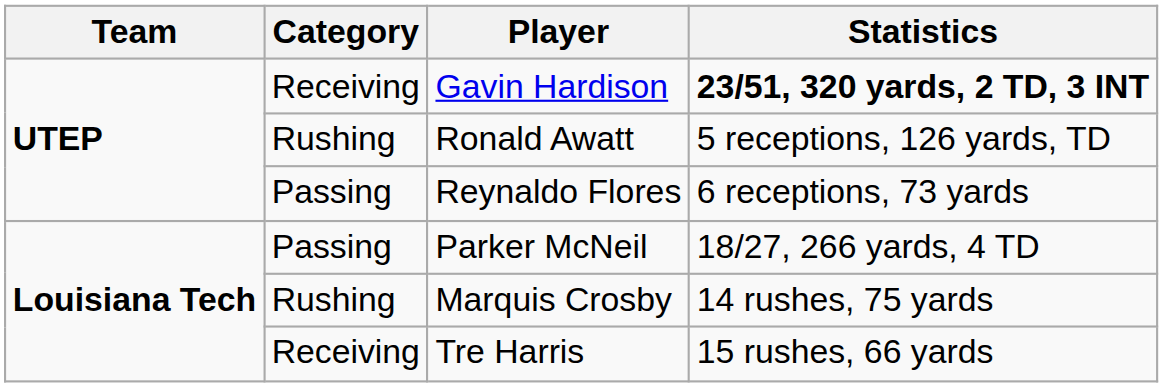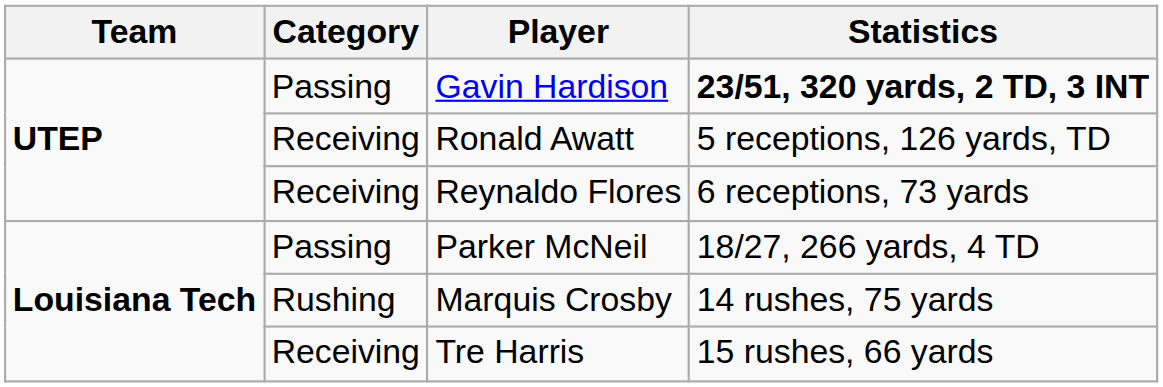 <table class="wikitable" style="float: left;">
 <tr>
 <th>Team</th>
 <th>Category</th>
 <th>Player</th>
 <th>Statistics</th>
 </tr>
 <tr>
 <td rowspan=3><strong>UTEP</strong></td>
-<td>Receiving</td>
+<td>Passing</td>
 <td><a href='#'>Gavin Hardison</a></td>
 <td><strong>23/51, 320 yards, 2 TD, 3 INT</strong></td>
 </tr>
 <tr>
-<td>Rushing</td>
+<td>Receiving</td>
 <td>Ronald Awatt</td>
 <td>5 receptions, 126 yards, TD</td>
 </tr>
 <tr>
-<td>Passing</td>
+<td>Receiving</td>
 <td>Reynaldo Flores</td>
 <td>6 receptions, 73 yards</td>
 </tr>
 <tr>
 <td rowspan=3><strong>Louisiana Tech</strong></td>
 <td>Passing</td>
 <td>Parker McNeil</td>
 <td>18/27, 266 yards, 4 TD</td>
 </tr>
 <tr>
 <td>Rushing</td>
 <td>Marquis Crosby</td>
 <td>14 rushes, 75 yards</td>
 </tr>
 <tr>
 <td>Receiving</td>
 <td>Tre Harris</td>
 <td>15 rushes, 66 yards</td>
 </tr>
 </table>
